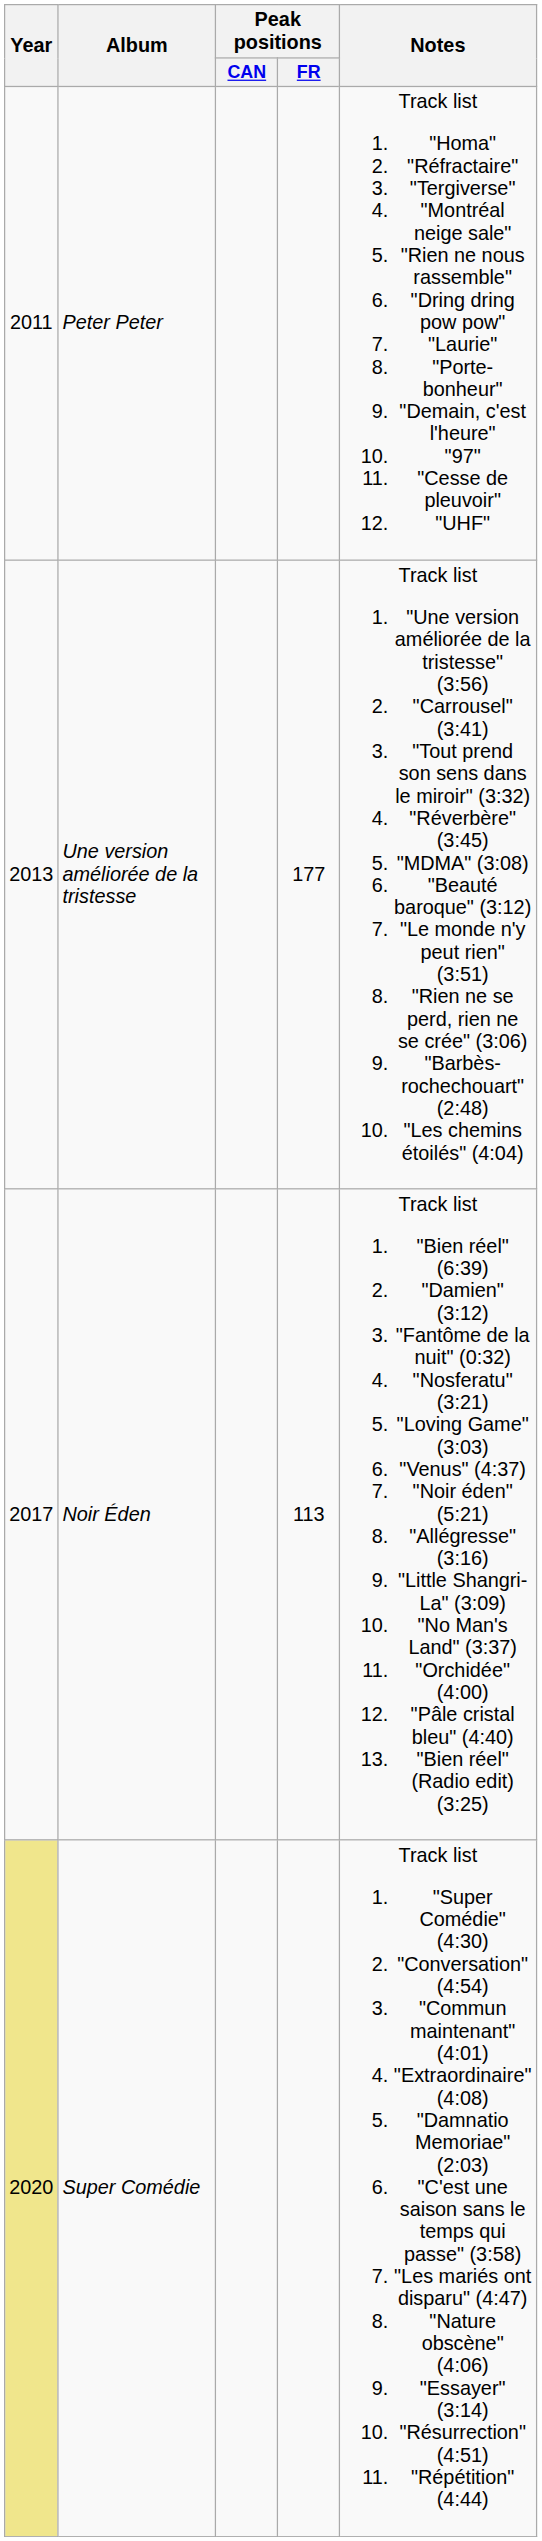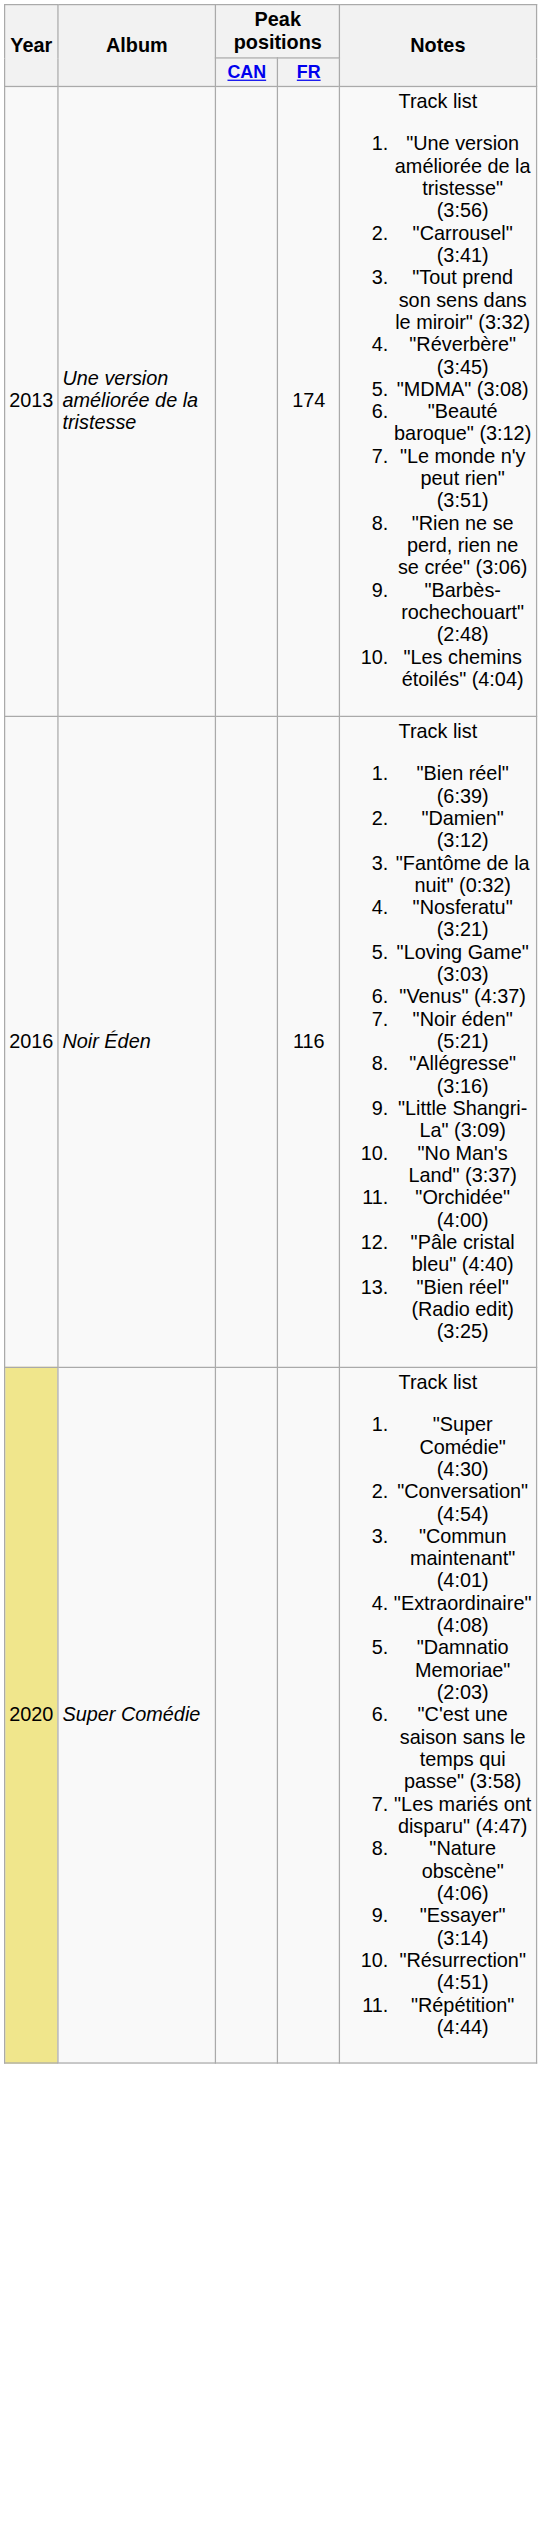 <table class="wikitable" style="text-align:center;">
 <tr>
 <th rowspan="2" width="10">Year</th>
 <th rowspan="2" width="120">Album</th>
 <th colspan="2" width="20">Peak positions</th>
 <th rowspan="2" width="120">Notes</th>
 </tr>
 <tr>
 <th scope="col" style="width:3em;font-size:90%;"><a href='#'>CAN</a><br></th>
 <th scope="col" style="width:3em;font-size:90%;"><a href='#'>FR</a><br></th>
 </tr>
 <tr>
-<td>2011</td>
-<td style="text-align:left;"><em>Peter Peter</em></td>
-<td></td>
-<td></td>
-<td>Track list<br><ol><li>"Homa"</li><li>"Réfractaire"</li><li>"Tergiverse"</li><li>"Montréal neige sale"</li><li>"Rien ne nous rassemble"</li><li>"Dring dring pow pow"</li><li>"Laurie"</li><li>"Porte-bonheur"</li><li>"Demain, c'est l'heure"</li><li>"97"</li><li>"Cesse de pleuvoir"</li><li>"UHF"</li></ol></td>
-</tr>
-<tr>
 <td>2013</td>
 <td style="text-align:left;"><em>Une version améliorée de la tristesse</em></td>
 <td></td>
-<td>177</td>
+<td>174</td>
 <td>Track list<br><ol><li>"Une version améliorée de la tristesse" (3:56)</li><li>"Carrousel" (3:41)</li><li>"Tout prend son sens dans le miroir" (3:32)</li><li>"Réverbère" (3:45)</li><li>"MDMA" (3:08)</li><li>"Beauté baroque" (3:12)</li><li>"Le monde n'y peut rien" (3:51)</li><li>"Rien ne se perd, rien ne se crée" (3:06)</li><li>"Barbès-rochechouart" (2:48)</li><li>"Les chemins étoilés" (4:04)</li></ol></td>
 </tr>
 <tr>
-<td>2017</td>
+<td>2016</td>
 <td style="text-align:left;"><em>Noir Éden</em></td>
 <td></td>
-<td>113<br></td>
+<td>116<br></td>
 <td>Track list<br><ol><li>"Bien réel" (6:39)</li><li>"Damien" (3:12)</li><li>"Fantôme de la nuit" (0:32)</li><li>"Nosferatu" (3:21)</li><li>"Loving Game" (3:03)</li><li>"Venus" (4:37)</li><li>"Noir éden" (5:21)</li><li>"Allégresse" (3:16)</li><li>"Little Shangri-La" (3:09)</li><li>"No Man's Land" (3:37)</li><li>"Orchidée" (4:00)</li><li>"Pâle cristal bleu" (4:40)</li><li>"Bien réel" (Radio edit) (3:25)</li></ol></td>
 </tr>
 <tr>
 <td style="background: khaki;">2020</td>
 <td style="text-align:left;"><em>Super Comédie</em></td>
 <td></td>
 <td></td>
 <td>Track list<br><ol><li>"Super Comédie" (4:30)</li><li>"Conversation" (4:54)</li><li>"Commun maintenant" (4:01)</li><li>"Extraordinaire" (4:08)</li><li>"Damnatio Memoriae" (2:03)</li><li>"C'est une saison sans le temps qui passe" (3:58)</li><li>"Les mariés ont disparu" (4:47)</li><li>"Nature obscène" (4:06)</li><li>"Essayer" (3:14)</li><li>"Résurrection" (4:51)</li><li>"Répétition" (4:44)</li></ol></td>
 </tr>
 </table>
